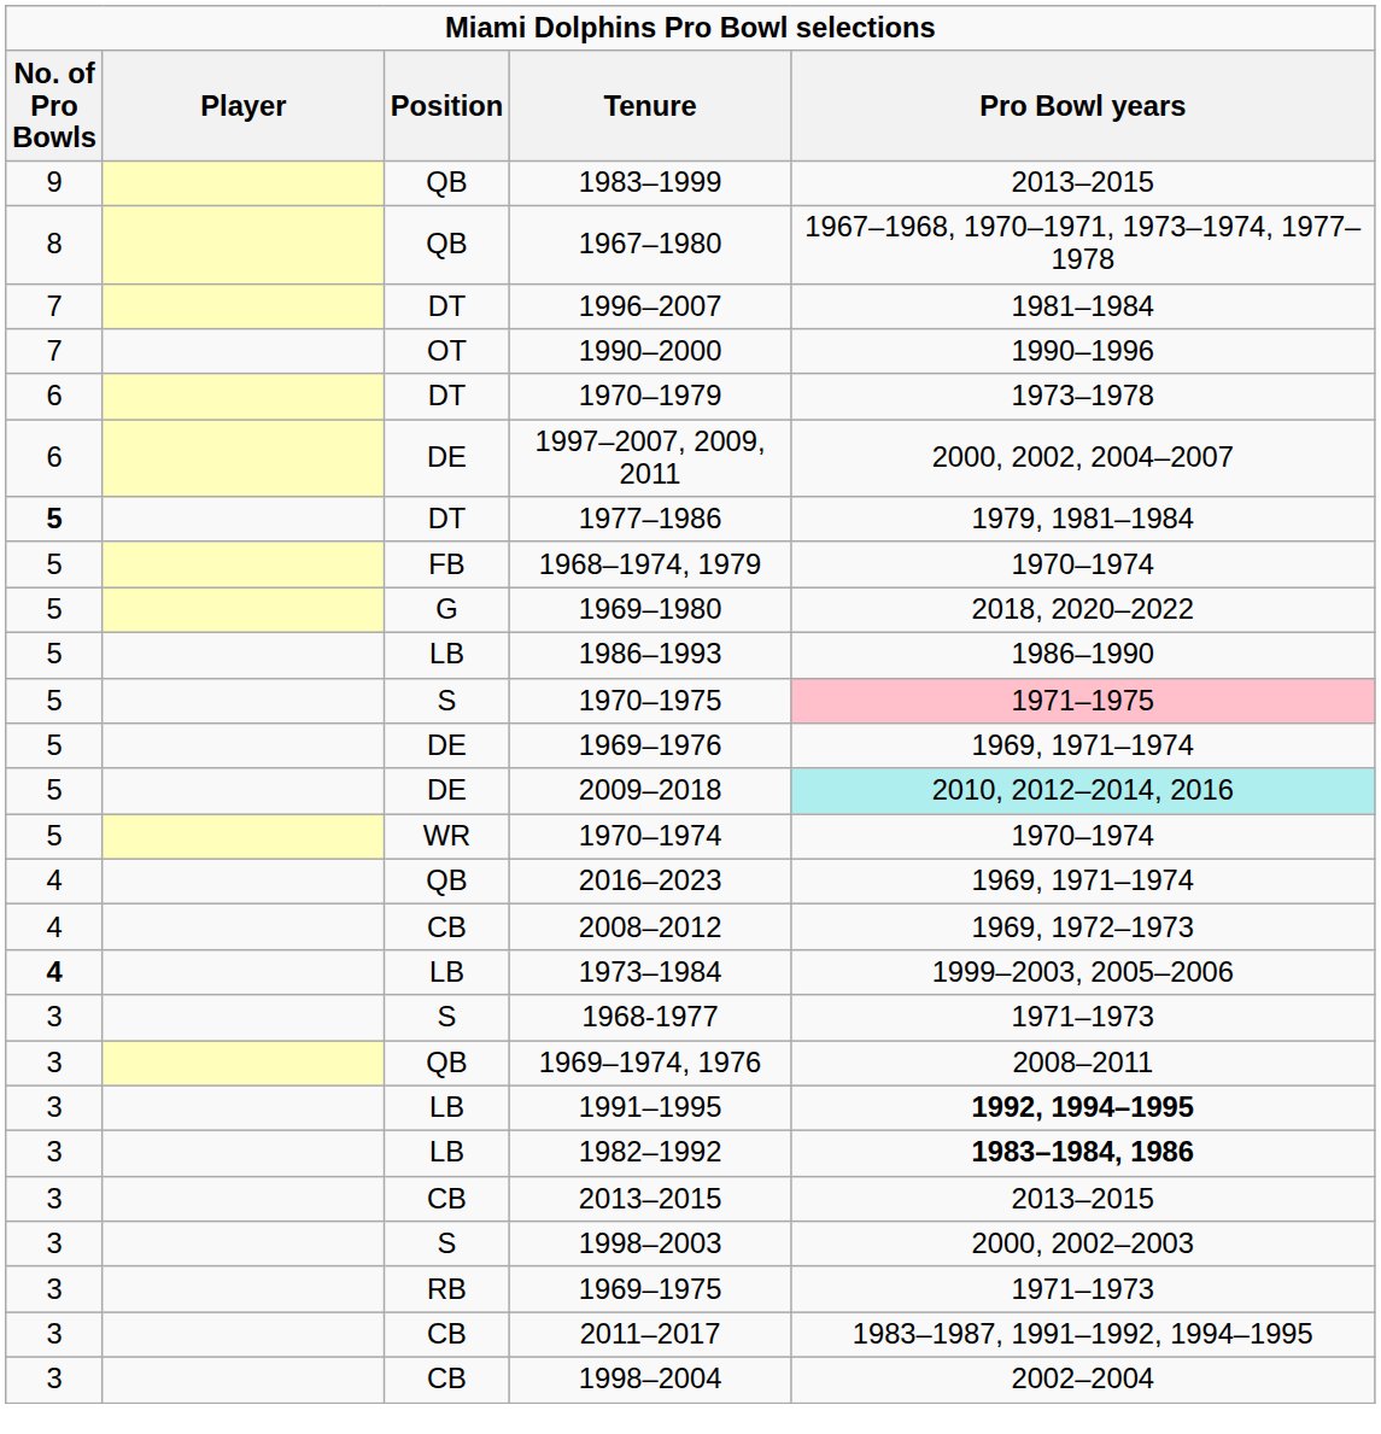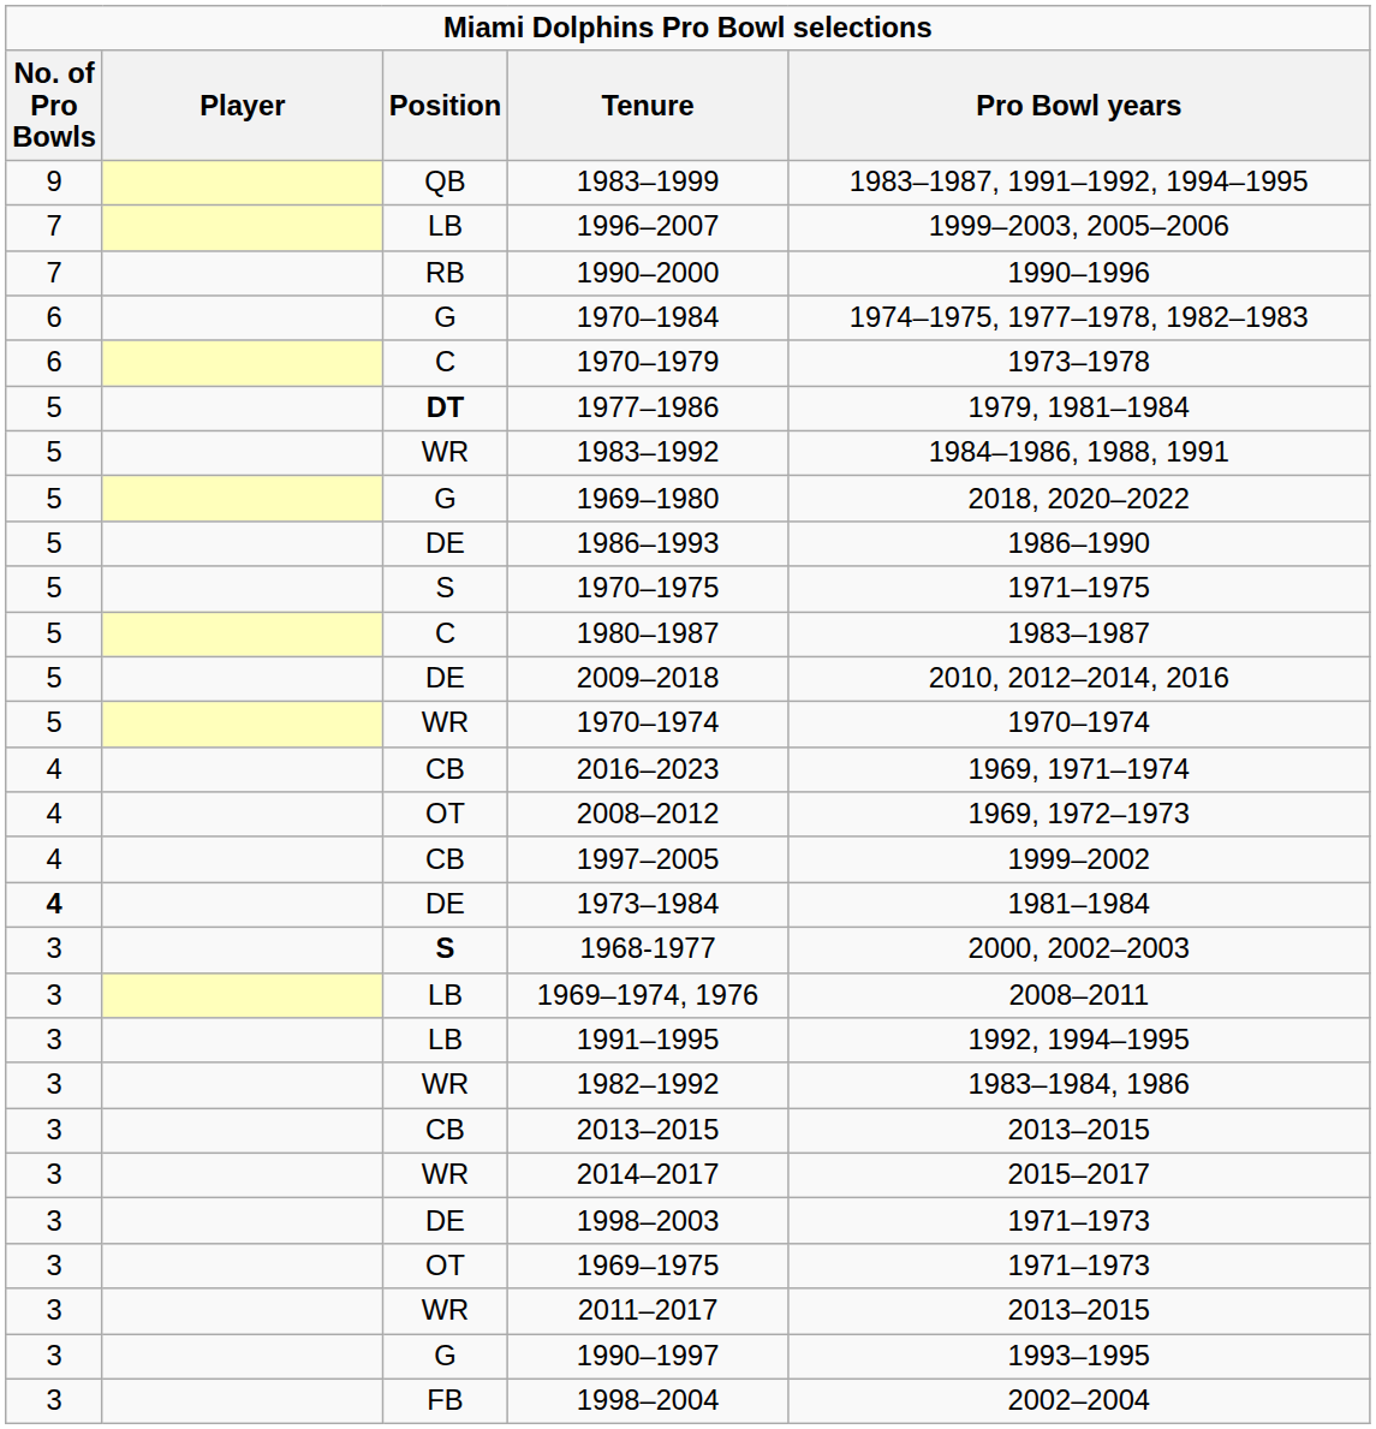 <table class="wikitable sortable" style="text-align:center">
 <tr>
 <td colspan="5"><strong>Miami Dolphins Pro Bowl selections</strong></td>
 </tr>
 <tr>
 <th style="width:40px;">No. of Pro Bowls</th>
 <th style="width:150px;">Player</th>
 <th style="width:40px;">Position</th>
 <th style="width:150px;">Tenure</th>
 <th style="width:320px;">Pro Bowl years</th>
 </tr>
 <tr>
 <td>9</td>
 <td style="background:#ffb"><strong></strong></td>
 <td>QB</td>
 <td>1983–1999</td>
-<td>2013–2015</td>
-</tr>
-<tr>
-<td>8</td>
-<td style="background:#ffb"><strong></strong></td>
-<td>QB</td>
-<td>1967–1980</td>
-<td>1967–1968, 1970–1971, 1973–1974, 1977–1978</td>
+<td>1983–1987, 1991–1992, 1994–1995</td>
 </tr>
 <tr>
 <td>7</td>
 <td style="background:#ffb"><strong></strong></td>
-<td>DT</td>
+<td>LB</td>
 <td>1996–2007</td>
-<td>1981–1984</td>
+<td>1999–2003, 2005–2006</td>
 </tr>
 <tr>
 <td>7</td>
 <td></td>
-<td>OT</td>
+<td>RB</td>
 <td>1990–2000</td>
 <td>1990–1996</td>
 </tr>
 <tr>
 <td>6</td>
+<td></td>
+<td>G</td>
+<td>1970–1984</td>
+<td>1974–1975, 1977–1978, 1982–1983</td>
+</tr>
+<tr>
+<td>6</td>
 <td style="background:#ffb"><strong></strong></td>
-<td>DT</td>
+<td>C</td>
 <td>1970–1979</td>
 <td>1973–1978</td>
 </tr>
 <tr>
-<td>6</td>
-<td style="background:#ffb"><strong></strong></td>
-<td>DE</td>
-<td>1997–2007, 2009, 2011</td>
-<td>2000, 2002, 2004–2007</td>
-</tr>
-<tr>
-<td><strong>5</strong></td>
+<td>5</td>
 <td></td>
-<td>DT</td>
+<td><strong>DT</strong></td>
 <td>1977–1986</td>
 <td>1979, 1981–1984</td>
 </tr>
 <tr>
 <td>5</td>
-<td style="background:#ffb"><strong></strong></td>
-<td>FB</td>
-<td>1968–1974, 1979</td>
-<td>1970–1974</td>
+<td></td>
+<td>WR</td>
+<td>1983–1992</td>
+<td>1984–1986, 1988, 1991</td>
 </tr>
 <tr>
 <td>5</td>
 <td style="background:#ffb"><strong></strong></td>
 <td>G</td>
 <td>1969–1980</td>
 <td>2018, 2020–2022</td>
 </tr>
 <tr>
 <td>5</td>
 <td></td>
-<td>LB</td>
+<td>DE</td>
 <td>1986–1993</td>
 <td>1986–1990</td>
 </tr>
 <tr>
 <td>5</td>
 <td></td>
 <td>S</td>
 <td>1970–1975</td>
-<td style="background: pink;">1971–1975</td>
+<td>1971–1975</td>
 </tr>
 <tr>
 <td>5</td>
-<td></td>
-<td>DE</td>
-<td>1969–1976</td>
-<td>1969, 1971–1974</td>
+<td style="background:#ffb"><strong></strong></td>
+<td>C</td>
+<td>1980–1987</td>
+<td>1983–1987</td>
 </tr>
 <tr>
 <td>5</td>
 <td></td>
 <td>DE</td>
 <td>2009–2018</td>
-<td style="background: paleturquoise;">2010, 2012–2014, 2016</td>
+<td>2010, 2012–2014, 2016</td>
 </tr>
 <tr>
 <td>5</td>
 <td style="background:#ffb"><strong></strong></td>
 <td>WR</td>
 <td>1970–1974</td>
 <td>1970–1974</td>
 </tr>
 <tr>
 <td>4</td>
 <td></td>
-<td>QB</td>
+<td>CB</td>
 <td>2016–2023</td>
 <td>1969, 1971–1974</td>
 </tr>
 <tr>
 <td>4</td>
 <td></td>
-<td>CB</td>
+<td>OT</td>
 <td>2008–2012</td>
 <td>1969, 1972–1973</td>
 </tr>
 <tr>
+<td>4</td>
+<td></td>
+<td>CB</td>
+<td>1997–2005</td>
+<td>1999–2002</td>
+</tr>
+<tr>
 <td><strong>4</strong></td>
 <td></td>
-<td>LB</td>
+<td>DE</td>
 <td>1973–1984</td>
-<td>1999–2003, 2005–2006</td>
+<td>1981–1984</td>
 </tr>
 <tr>
 <td>3</td>
 <td></td>
-<td>S</td>
+<td><strong>S</strong></td>
 <td>1968-1977</td>
-<td>1971–1973</td>
+<td>2000, 2002–2003</td>
 </tr>
 <tr>
 <td>3</td>
 <td style="background:#ffb"><strong></strong></td>
-<td>QB</td>
+<td>LB</td>
 <td>1969–1974, 1976</td>
 <td>2008–2011</td>
 </tr>
 <tr>
 <td>3</td>
 <td></td>
 <td>LB</td>
 <td>1991–1995</td>
-<td><strong>1992, 1994–1995</strong></td>
+<td>1992, 1994–1995</td>
 </tr>
 <tr>
 <td>3</td>
 <td></td>
-<td>LB</td>
+<td>WR</td>
 <td>1982–1992</td>
-<td><strong>1983–1984, 1986</strong></td>
+<td>1983–1984, 1986</td>
 </tr>
 <tr>
 <td>3</td>
 <td></td>
 <td>CB</td>
 <td>2013–2015</td>
 <td>2013–2015</td>
 </tr>
 <tr>
 <td>3</td>
 <td></td>
-<td>S</td>
-<td>1998–2003</td>
-<td>2000, 2002–2003</td>
+<td>WR</td>
+<td>2014–2017</td>
+<td>2015–2017</td>
 </tr>
 <tr>
 <td>3</td>
 <td></td>
-<td>RB</td>
+<td>DE</td>
+<td>1998–2003</td>
+<td>1971–1973</td>
+</tr>
+<tr>
+<td>3</td>
+<td></td>
+<td>OT</td>
 <td>1969–1975</td>
 <td>1971–1973</td>
 </tr>
 <tr>
 <td>3</td>
 <td></td>
-<td>CB</td>
+<td>WR</td>
 <td>2011–2017</td>
-<td>1983–1987, 1991–1992, 1994–1995</td>
+<td>2013–2015</td>
 </tr>
 <tr>
 <td>3</td>
 <td></td>
-<td>CB</td>
+<td>G</td>
+<td>1990–1997</td>
+<td>1993–1995</td>
+</tr>
+<tr>
+<td>3</td>
+<td></td>
+<td>FB</td>
 <td>1998–2004</td>
 <td>2002–2004</td>
 </tr>
 </table>
